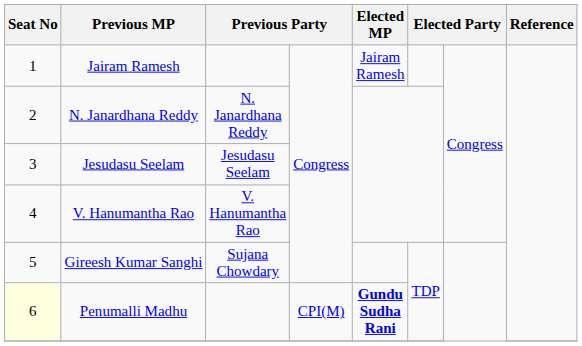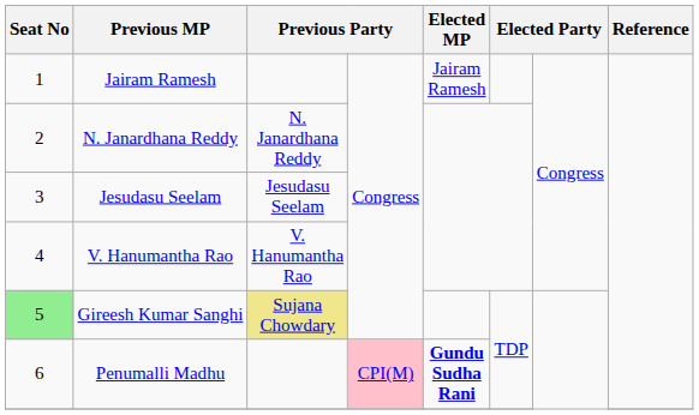 <table class="wikitable">
 <tr>
 <th>Seat No</th>
 <th>Previous MP</th>
 <th colspan=2>Previous Party</th>
 <th>Elected MP</th>
 <th colspan=2>Elected Party</th>
 <th>Reference</th>
 </tr>
 <tr style="text-align:center;">
 <td>1</td>
 <td><a href='#'>Jairam Ramesh</a></td>
 <td width="1px"></td>
 <td rowspan=5><a href='#'>Congress</a></td>
 <td><a href='#'>Jairam Ramesh</a></td>
 <td width="1px"></td>
 <td rowspan=4><a href='#'>Congress</a></td>
 <td rowspan=6></td>
 </tr>
 <tr style="text-align:center;">
 <td>2</td>
 <td><a href='#'>N. Janardhana Reddy</a></td>
 <td><a href='#'>N. Janardhana Reddy</a></td>
 </tr>
 <tr style="text-align:center;">
 <td>3</td>
 <td><a href='#'>Jesudasu Seelam</a></td>
 <td><a href='#'>Jesudasu Seelam</a></td>
 </tr>
 <tr style="text-align:center;">
 <td>4</td>
 <td><a href='#'>V. Hanumantha Rao</a></td>
 <td><a href='#'>V. Hanumantha Rao</a></td>
 </tr>
 <tr style="text-align:center;">
-<td>5</td>
+<td style="background: lightgreen;">5</td>
 <td><a href='#'>Gireesh Kumar Sanghi</a></td>
-<td><a href='#'>Sujana Chowdary</a></td>
+<td style="background: khaki;"><a href='#'>Sujana Chowdary</a></td>
 <td width="1px"></td>
 <td rowspan=2><a href='#'>TDP</a></td>
 </tr>
 <tr style="text-align:center;">
-<td style="background: lightyellow;">6</td>
+<td>6</td>
 <td><a href='#'>Penumalli Madhu</a></td>
 <td width="1px"></td>
-<td><a href='#'>CPI(M)</a></td>
+<td style="background: pink;"><a href='#'>CPI(M)</a></td>
 <td><strong><a href='#'>Gundu Sudha Rani</a></strong></td>
 </tr>
 <tr style="text-align:center;">
 </tr>
 </table>
